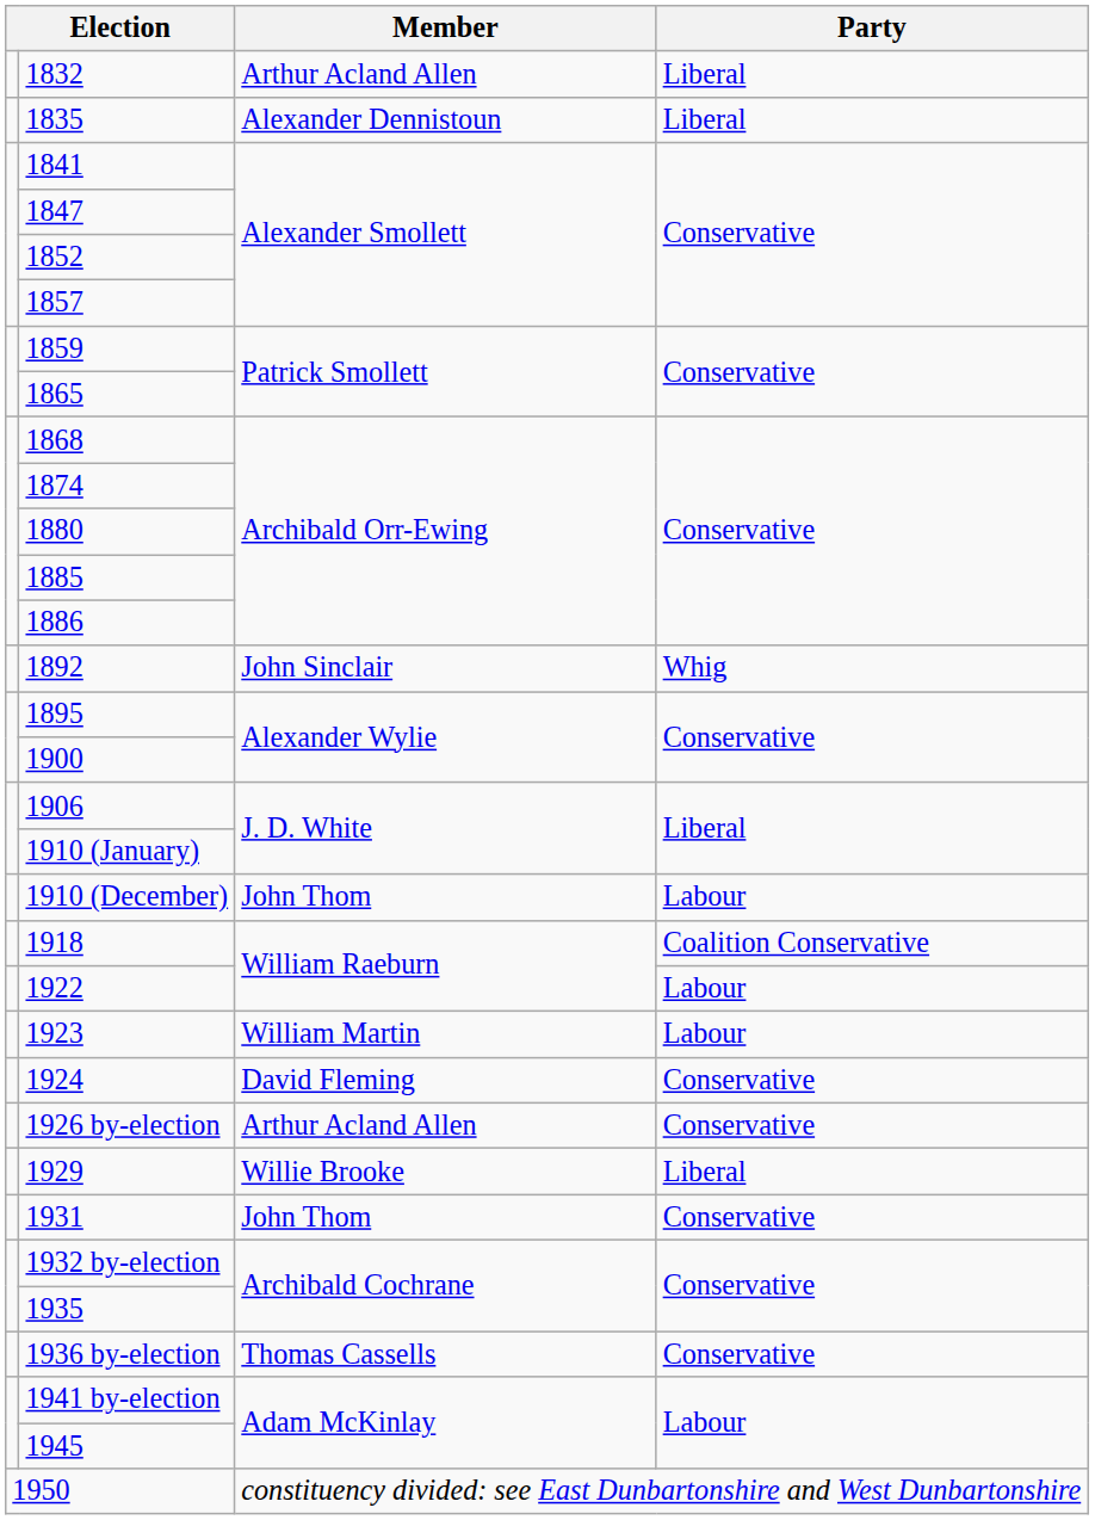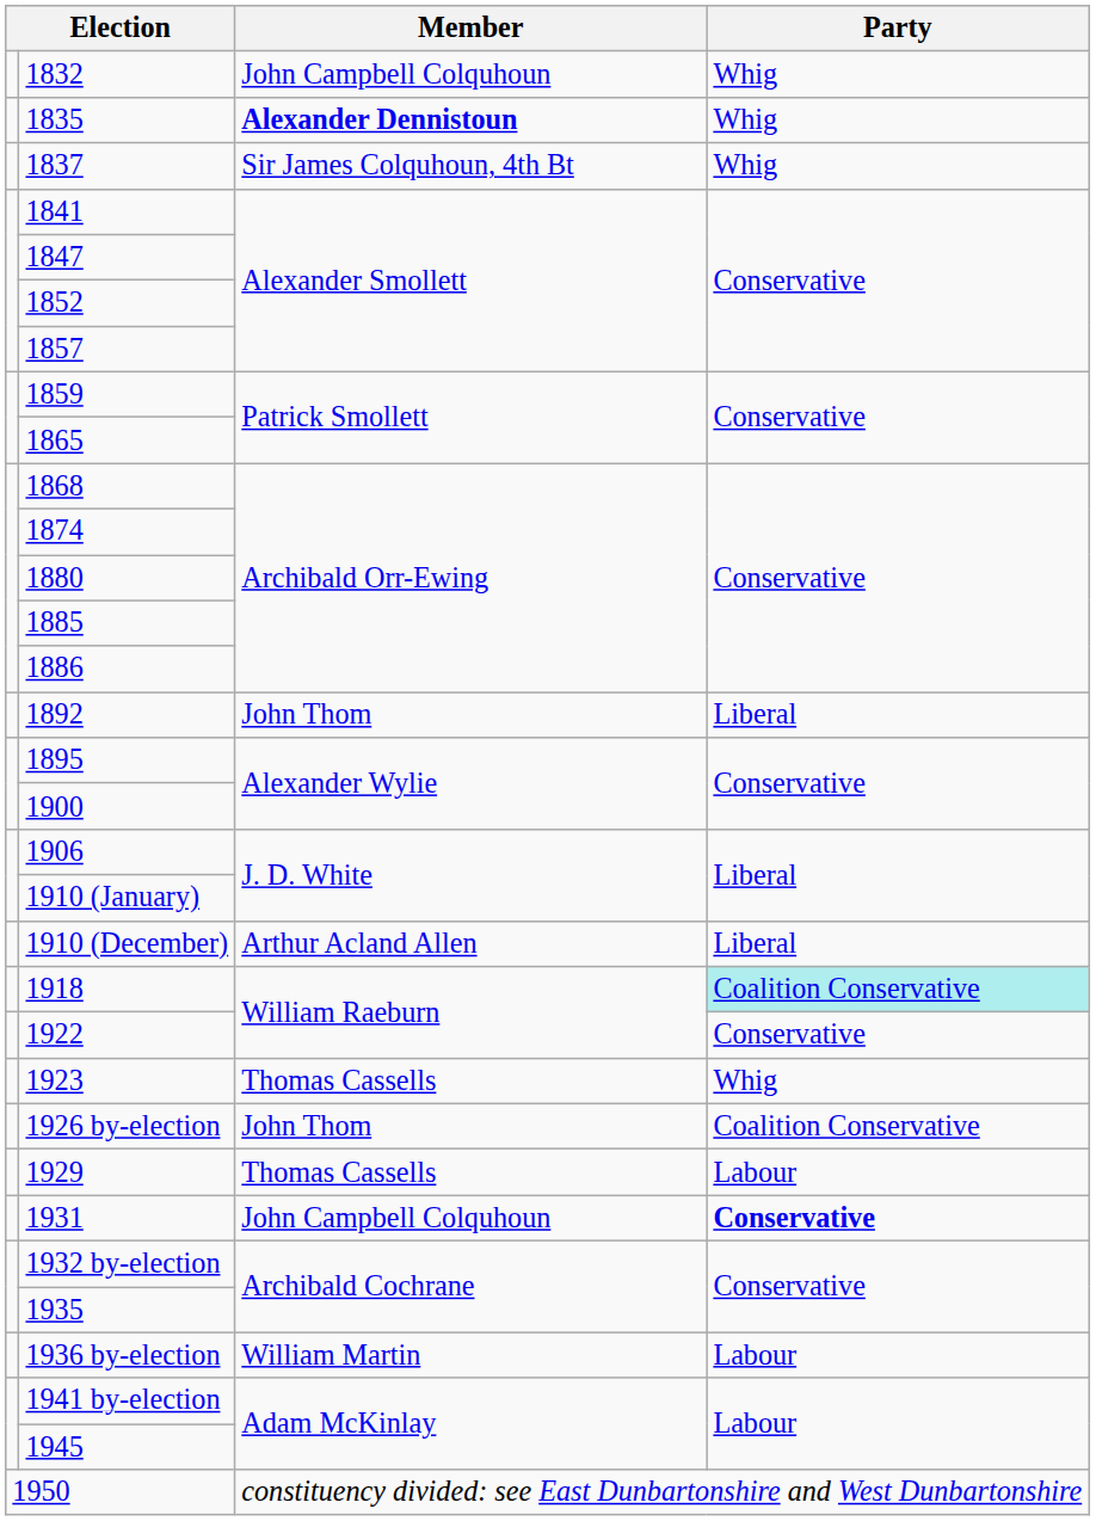 <table class = "wikitable">
 <tr>
 <th colspan="2">Election</th>
 <th>Member</th>
 <th>Party</th>
 </tr>
 <tr>
 <td style="color:inherit;background-color: "></td>
 <td><a href='#'>1832</a></td>
-<td><a href='#'>Arthur Acland Allen</a></td>
-<td><a href='#'>Liberal</a></td>
+<td><a href='#'>John Campbell Colquhoun</a></td>
+<td><a href='#'>Whig</a></td>
 </tr>
 <tr>
 <td style="color:inherit;background-color: "></td>
 <td><a href='#'>1835</a></td>
-<td><a href='#'>Alexander Dennistoun</a></td>
-<td><a href='#'>Liberal</a></td>
+<td><strong><a href='#'>Alexander Dennistoun</a></strong></td>
+<td><a href='#'>Whig</a></td>
+</tr>
+<tr>
+<td style="color:inherit;background-color: "></td>
+<td><a href='#'>1837</a></td>
+<td><a href='#'>Sir James Colquhoun, 4th Bt</a></td>
+<td><a href='#'>Whig</a></td>
 </tr>
 <tr>
 <td rowspan="4" style="color:inherit;background-color: "></td>
 <td><a href='#'>1841</a></td>
 <td rowspan="4"><a href='#'>Alexander Smollett</a></td>
 <td rowspan="4"><a href='#'>Conservative</a></td>
 </tr>
 <tr>
 <td><a href='#'>1847</a></td>
 </tr>
 <tr>
 <td><a href='#'>1852</a></td>
 </tr>
 <tr>
 <td><a href='#'>1857</a></td>
 </tr>
 <tr>
 <td rowspan="2" style="color:inherit;background-color: "></td>
 <td><a href='#'>1859</a></td>
 <td rowspan="2"><a href='#'>Patrick Smollett</a></td>
 <td rowspan="2"><a href='#'>Conservative</a></td>
 </tr>
 <tr>
 <td><a href='#'>1865</a></td>
 </tr>
 <tr>
 <td rowspan="5" style="color:inherit;background-color: "></td>
 <td><a href='#'>1868</a></td>
 <td rowspan="5"><a href='#'>Archibald Orr-Ewing</a></td>
 <td rowspan="5"><a href='#'>Conservative</a></td>
 </tr>
 <tr>
 <td><a href='#'>1874</a></td>
 </tr>
 <tr>
 <td><a href='#'>1880</a></td>
 </tr>
 <tr>
 <td><a href='#'>1885</a></td>
 </tr>
 <tr>
 <td><a href='#'>1886</a></td>
 </tr>
 <tr>
 <td style="color:inherit;background-color: "></td>
 <td><a href='#'>1892</a></td>
-<td><a href='#'>John Sinclair</a></td>
-<td><a href='#'>Whig</a></td>
+<td><a href='#'>John Thom</a></td>
+<td><a href='#'>Liberal</a></td>
 </tr>
 <tr>
 <td rowspan="2" style="color:inherit;background-color: "></td>
 <td><a href='#'>1895</a></td>
 <td rowspan="2"><a href='#'>Alexander Wylie</a></td>
 <td rowspan="2"><a href='#'>Conservative</a></td>
 </tr>
 <tr>
 <td><a href='#'>1900</a></td>
 </tr>
 <tr>
 <td rowspan="2" style="color:inherit;background-color: "></td>
 <td><a href='#'>1906</a></td>
 <td rowspan="2"><a href='#'>J. D. White</a></td>
 <td rowspan="2"><a href='#'>Liberal</a></td>
 </tr>
 <tr>
 <td><a href='#'>1910 (January)</a></td>
 </tr>
 <tr>
 <td style="color:inherit;background-color: "></td>
 <td><a href='#'>1910 (December)</a></td>
-<td><a href='#'>John Thom</a></td>
-<td><a href='#'>Labour</a></td>
+<td><a href='#'>Arthur Acland Allen</a></td>
+<td><a href='#'>Liberal</a></td>
 </tr>
 <tr>
 <td style="color:inherit;background-color: "></td>
 <td><a href='#'>1918</a></td>
 <td rowspan="2"><a href='#'>William Raeburn</a></td>
+<td style="background: paleturquoise;"><a href='#'>Coalition Conservative</a></td>
+</tr>
+<tr>
+<td style="color:inherit;background-color: "></td>
+<td><a href='#'>1922</a></td>
+<td><a href='#'>Conservative</a></td>
+</tr>
+<tr>
+<td style="color:inherit;background-color: "></td>
+<td><a href='#'>1923</a></td>
+<td><a href='#'>Thomas Cassells</a></td>
+<td><a href='#'>Whig</a></td>
+</tr>
+<tr>
+<td style="color:inherit;background-color: "></td>
+<td><a href='#'>1926 by-election</a></td>
+<td><a href='#'>John Thom</a></td>
 <td><a href='#'>Coalition Conservative</a></td>
 </tr>
 <tr>
 <td style="color:inherit;background-color: "></td>
-<td><a href='#'>1922</a></td>
+<td><a href='#'>1929</a></td>
+<td><a href='#'>Thomas Cassells</a></td>
 <td><a href='#'>Labour</a></td>
 </tr>
 <tr>
 <td style="color:inherit;background-color: "></td>
-<td><a href='#'>1923</a></td>
-<td><a href='#'>William Martin</a></td>
-<td><a href='#'>Labour</a></td>
-</tr>
-<tr>
-<td style="color:inherit;background-color: "></td>
-<td><a href='#'>1924</a></td>
-<td><a href='#'>David Fleming</a></td>
-<td><a href='#'>Conservative</a></td>
-</tr>
-<tr>
-<td style="color:inherit;background-color: "></td>
-<td><a href='#'>1926 by-election</a></td>
-<td><a href='#'>Arthur Acland Allen</a></td>
-<td><a href='#'>Conservative</a></td>
-</tr>
-<tr>
-<td style="color:inherit;background-color: "></td>
-<td><a href='#'>1929</a></td>
-<td><a href='#'>Willie Brooke</a></td>
-<td><a href='#'>Liberal</a></td>
-</tr>
-<tr>
-<td style="color:inherit;background-color: "></td>
 <td><a href='#'>1931</a></td>
-<td><a href='#'>John Thom</a></td>
-<td><a href='#'>Conservative</a></td>
+<td><a href='#'>John Campbell Colquhoun</a></td>
+<td><strong><a href='#'>Conservative</a></strong></td>
 </tr>
 <tr>
 <td rowspan="2" style="color:inherit;background-color: "></td>
 <td><a href='#'>1932 by-election</a></td>
 <td rowspan="2"><a href='#'>Archibald Cochrane</a></td>
 <td rowspan="2"><a href='#'>Conservative</a></td>
 </tr>
 <tr>
 <td><a href='#'>1935</a></td>
 </tr>
 <tr>
 <td style="color:inherit;background-color: "></td>
 <td><a href='#'>1936 by-election</a></td>
-<td><a href='#'>Thomas Cassells</a></td>
-<td><a href='#'>Conservative</a></td>
+<td><a href='#'>William Martin</a></td>
+<td><a href='#'>Labour</a></td>
 </tr>
 <tr>
 <td rowspan="2" style="color:inherit;background-color: "></td>
 <td><a href='#'>1941 by-election</a></td>
 <td rowspan="2"><a href='#'>Adam McKinlay</a></td>
 <td rowspan="2"><a href='#'>Labour</a></td>
 </tr>
 <tr>
 <td><a href='#'>1945</a></td>
 </tr>
 <tr>
 <td colspan="2"><a href='#'>1950</a></td>
 <td colspan="2"><em>constituency divided: see <a href='#'>East Dunbartonshire</a> and <a href='#'>West Dunbartonshire</a></em></td>
 </tr>
 </table>
